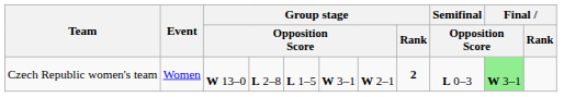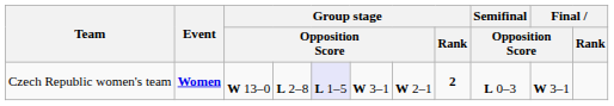 <table class="wikitable" style="font-size:90%">
 <tr>
 <th rowspan="2">Team</th>
 <th rowspan="2">Event</th>
 <th colspan="6">Group stage</th>
 <th>Semifinal</th>
 <th colspan="2">Final / </th>
 </tr>
 <tr style="font-size:95%">
 <th colspan="5">Opposition<br>Score</th>
 <th>Rank</th>
 <th colspan="2">Opposition<br>Score</th>
 <th>Rank</th>
 </tr>
 <tr align="center">
 <td align="left">Czech Republic women's team</td>
-<td align="left"><a href='#'>Women</a></td>
+<td align="left"><strong><a href='#'>Women</a></strong></td>
 <td><br><strong>W</strong> 13–0</td>
 <td><br><strong>L</strong> 2–8</td>
-<td><br><strong>L</strong> 1–5</td>
+<td style="background: lavender;"><br><strong>L</strong> 1–5</td>
 <td><br><strong>W</strong> 3–1</td>
 <td><br><strong>W</strong> 2–1</td>
 <td><strong>2</strong></td>
 <td><br><strong>L</strong> 0–3</td>
-<td style="background: lightgreen;"><br><strong>W</strong> 3–1</td>
+<td><br><strong>W</strong> 3–1</td>
 <td></td>
 </tr>
 </table>
